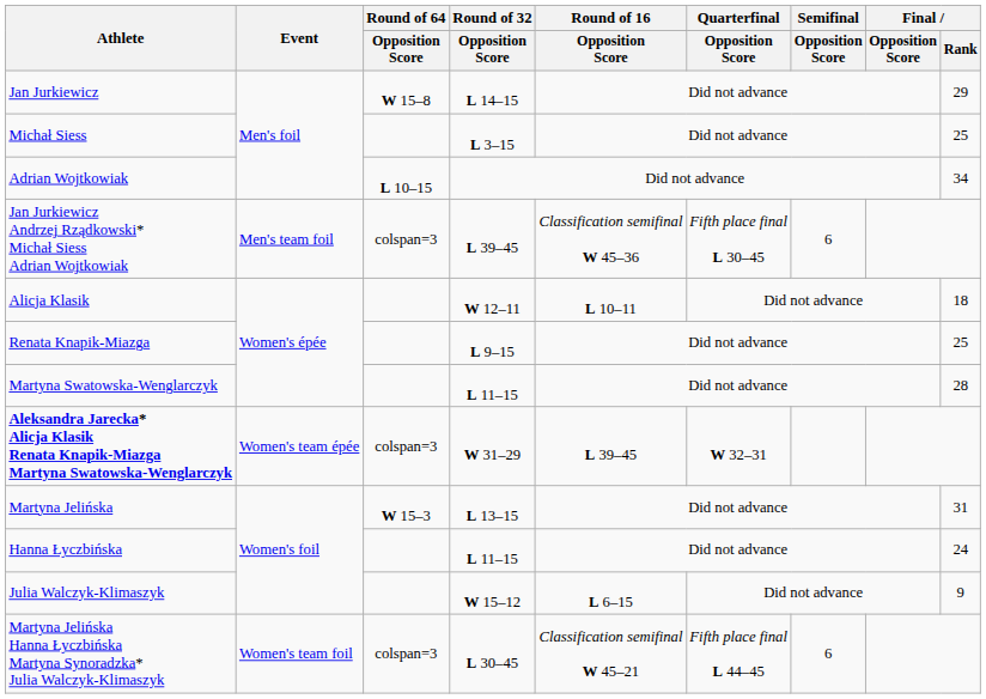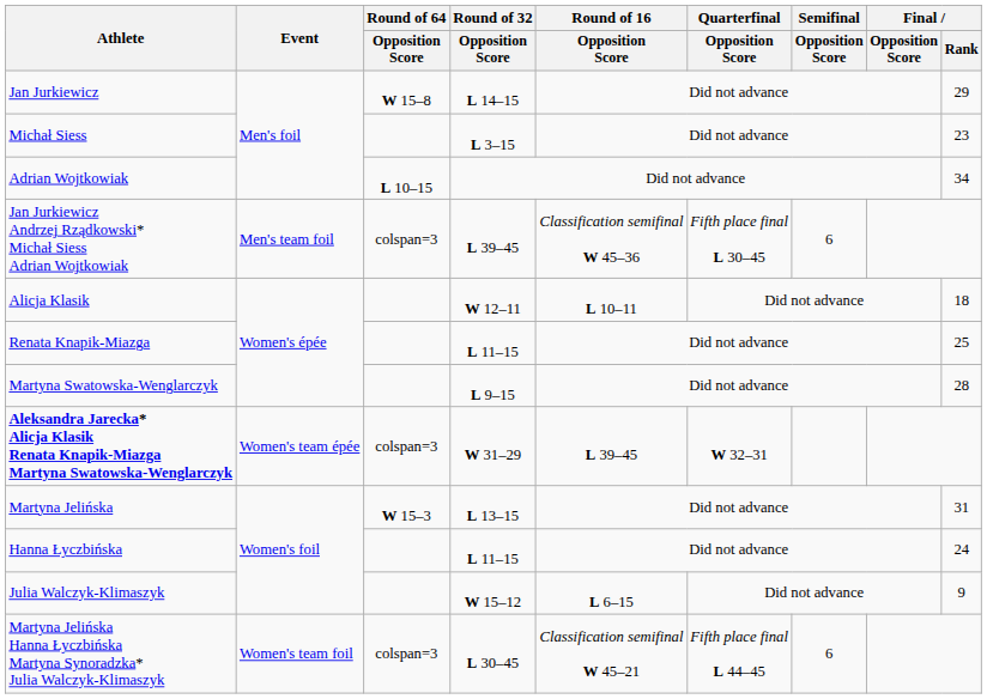 <table class="wikitable" style="font-size:90%">
 <tr>
 <th rowspan=2>Athlete</th>
 <th rowspan=2>Event</th>
 <th>Round of 64</th>
 <th>Round of 32</th>
 <th>Round of 16</th>
 <th>Quarterfinal</th>
 <th>Semifinal</th>
 <th colspan=2>Final / </th>
 </tr>
 <tr style="font-size:95%">
 <th>Opposition <br> Score</th>
 <th>Opposition <br> Score</th>
 <th>Opposition <br> Score</th>
 <th>Opposition <br> Score</th>
 <th>Opposition <br> Score</th>
 <th>Opposition <br> Score</th>
 <th>Rank</th>
 </tr>
 <tr align=center>
 <td align=left><a href='#'>Jan Jurkiewicz</a></td>
 <td align=left rowspan=3><a href='#'>Men's foil</a></td>
 <td><br><strong>W</strong> 15–8</td>
 <td><br><strong>L</strong> 14–15</td>
 <td colspan=4>Did not advance</td>
 <td>29</td>
 </tr>
 <tr align=center>
 <td align=left><a href='#'>Michał Siess</a></td>
 <td></td>
 <td><br><strong>L</strong> 3–15</td>
 <td colspan=4>Did not advance</td>
-<td>25</td>
+<td>23</td>
 </tr>
 <tr align=center>
 <td align=left><a href='#'>Adrian Wojtkowiak</a></td>
 <td><br><strong>L</strong> 10–15</td>
 <td colspan=5>Did not advance</td>
 <td>34</td>
 </tr>
 <tr align=center>
 <td align=left><a href='#'>Jan Jurkiewicz</a><br><a href='#'>Andrzej Rządkowski</a>*<br><a href='#'>Michał Siess</a><br><a href='#'>Adrian Wojtkowiak</a></td>
 <td align=left><a href='#'>Men's team foil</a></td>
 <td>colspan=3 </td>
 <td><br><strong>L</strong> 39–45</td>
 <td><em>Classification semifinal</em><br><br><strong>W</strong> 45–36</td>
 <td><em>Fifth place final</em><br><br><strong>L</strong> 30–45</td>
 <td>6</td>
 </tr>
 <tr align=center>
 <td align=left><a href='#'>Alicja Klasik</a></td>
 <td align=left rowspan=3><a href='#'>Women's épée</a></td>
 <td></td>
 <td><br><strong>W</strong> 12–11</td>
 <td><br><strong>L</strong> 10–11</td>
 <td colspan=3>Did not advance</td>
 <td>18</td>
 </tr>
 <tr align=center>
 <td align=left><a href='#'>Renata Knapik-Miazga</a></td>
 <td></td>
-<td><br><strong>L</strong> 9–15</td>
+<td><br><strong>L</strong> 11–15</td>
 <td colspan=4>Did not advance</td>
 <td>25</td>
 </tr>
 <tr align=center>
 <td align=left><a href='#'>Martyna Swatowska-Wenglarczyk</a></td>
 <td></td>
-<td><br><strong>L</strong> 11–15</td>
+<td><br><strong>L</strong> 9–15</td>
 <td colspan=4>Did not advance</td>
 <td>28</td>
 </tr>
 <tr align=center>
 <td align=left><strong><a href='#'>Aleksandra Jarecka</a>*<br><a href='#'>Alicja Klasik</a><br><a href='#'>Renata Knapik-Miazga</a><br><a href='#'>Martyna Swatowska-Wenglarczyk</a></strong></td>
 <td align=left><a href='#'>Women's team épée</a></td>
 <td>colspan=3 </td>
 <td><br><strong>W</strong> 31–29</td>
 <td><br><strong>L</strong> 39–45</td>
 <td><br><strong>W</strong> 32–31</td>
 <td></td>
 </tr>
 <tr align=center>
 <td align=left><a href='#'>Martyna Jelińska</a></td>
 <td align=left rowspan=3><a href='#'>Women's foil</a></td>
 <td><br><strong>W</strong> 15–3</td>
 <td><br><strong>L</strong> 13–15</td>
 <td colspan=4>Did not advance</td>
 <td>31</td>
 </tr>
 <tr align=center>
 <td align=left><a href='#'>Hanna Łyczbińska</a></td>
 <td></td>
 <td><br><strong>L</strong> 11–15</td>
 <td colspan=4>Did not advance</td>
 <td>24</td>
 </tr>
 <tr align=center>
 <td align=left><a href='#'>Julia Walczyk-Klimaszyk</a></td>
 <td></td>
 <td><br><strong>W</strong> 15–12</td>
 <td><br><strong>L</strong> 6–15</td>
 <td colspan=3>Did not advance</td>
 <td>9</td>
 </tr>
 <tr align=center>
 <td align=left><a href='#'>Martyna Jelińska</a><br><a href='#'>Hanna Łyczbińska</a><br><a href='#'>Martyna Synoradzka</a>*<br><a href='#'>Julia Walczyk-Klimaszyk</a></td>
 <td align=left><a href='#'>Women's team foil</a></td>
 <td>colspan=3 </td>
 <td><br><strong>L</strong> 30–45</td>
 <td><em>Classification semifinal</em><br><br><strong>W</strong> 45–21</td>
 <td><em>Fifth place final</em><br><br><strong>L</strong> 44–45</td>
 <td>6</td>
 </tr>
 </table>
